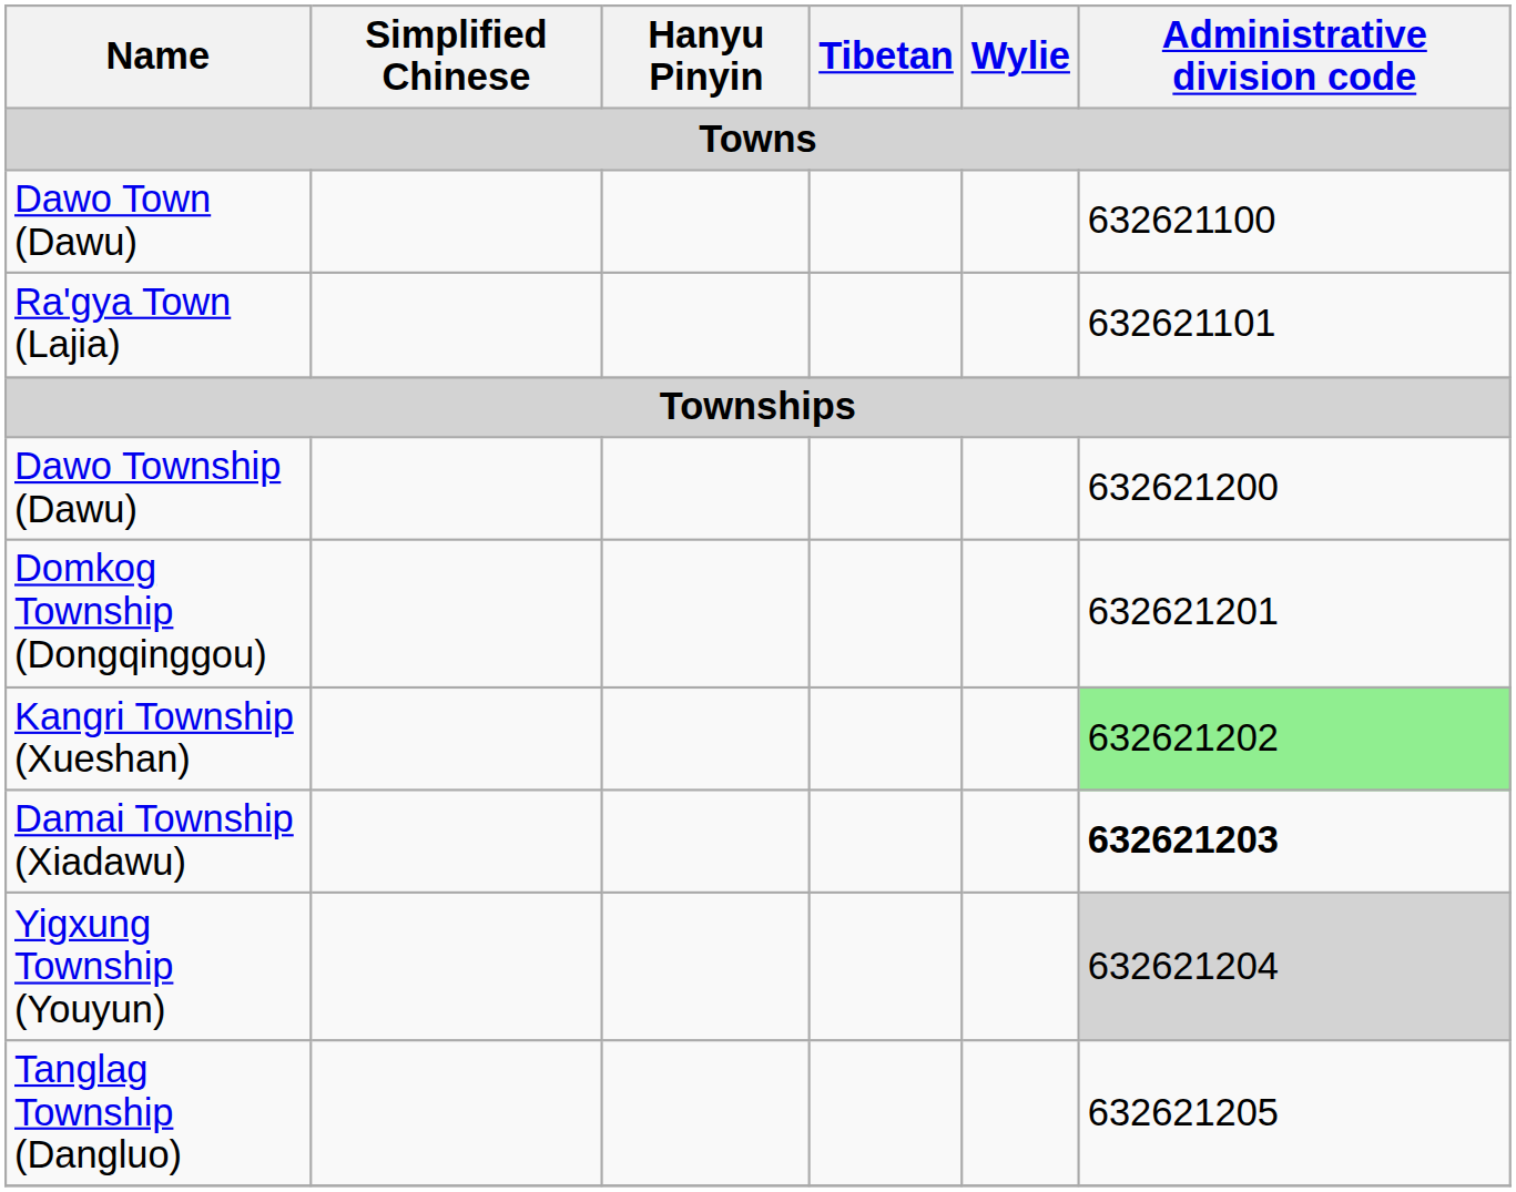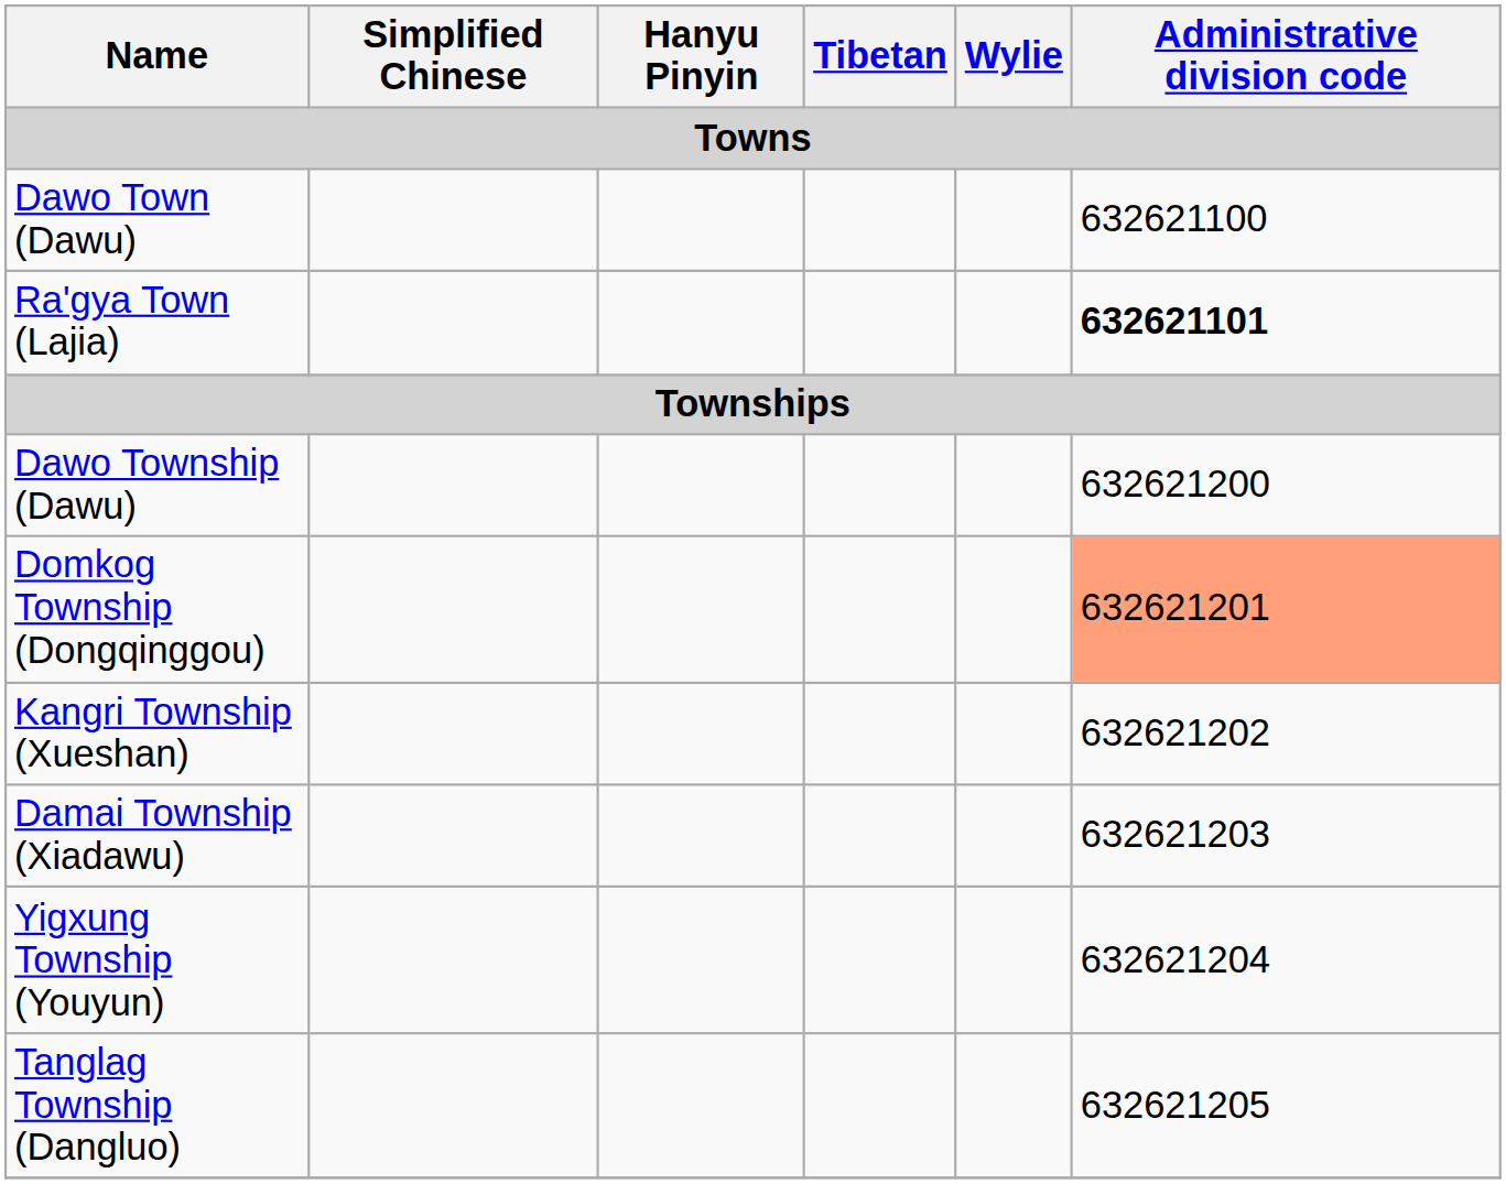 <table class="wikitable" align="center" style="width:50%; border="1">
 <tr>
 <th>Name</th>
 <th>Simplified Chinese</th>
 <th>Hanyu Pinyin</th>
 <th><a href='#'>Tibetan</a></th>
 <th><a href='#'>Wylie</a></th>
 <th><a href='#'>Administrative division code</a></th>
 </tr>
 <tr>
 <td colspan="7"  style="text-align:center; background:#d3d3d3;"><strong>Towns</strong></td>
 </tr>
 <tr --------->
 <td><a href='#'>Dawo Town</a><br>(Dawu)</td>
 <td></td>
 <td></td>
 <td></td>
 <td></td>
 <td>632621100</td>
 </tr>
 <tr>
 <td><a href='#'>Ra'gya Town</a><br>(Lajia)</td>
 <td></td>
 <td></td>
 <td></td>
 <td></td>
-<td>632621101</td>
+<td><strong>632621101</strong></td>
 </tr>
 <tr>
 <td colspan="7"  style="text-align:center; background:#d3d3d3;"><strong>Townships</strong></td>
 </tr>
 <tr --------->
 <td><a href='#'>Dawo Township</a><br>(Dawu)</td>
 <td></td>
 <td></td>
 <td></td>
 <td></td>
 <td>632621200</td>
 </tr>
 <tr>
 <td><a href='#'>Domkog Township</a><br>(Dongqinggou)</td>
 <td></td>
 <td></td>
 <td></td>
 <td></td>
-<td>632621201</td>
+<td style="background: lightsalmon;">632621201</td>
 </tr>
 <tr>
 <td><a href='#'>Kangri Township</a><br>(Xueshan)</td>
 <td></td>
 <td></td>
 <td></td>
 <td></td>
-<td style="background: lightgreen;">632621202</td>
+<td>632621202</td>
 </tr>
 <tr>
 <td><a href='#'>Damai Township</a><br>(Xiadawu)</td>
 <td></td>
 <td></td>
 <td></td>
 <td></td>
-<td><strong>632621203</strong></td>
+<td>632621203</td>
 </tr>
 <tr>
 <td><a href='#'>Yigxung Township</a><br>(Youyun)</td>
 <td></td>
 <td></td>
 <td></td>
 <td></td>
-<td style="background: lightgrey;">632621204</td>
+<td>632621204</td>
 </tr>
 <tr>
 <td><a href='#'>Tanglag Township</a><br>(Dangluo)</td>
 <td></td>
 <td></td>
 <td></td>
 <td></td>
 <td>632621205</td>
 </tr>
 <tr>
 </tr>
 </table>
